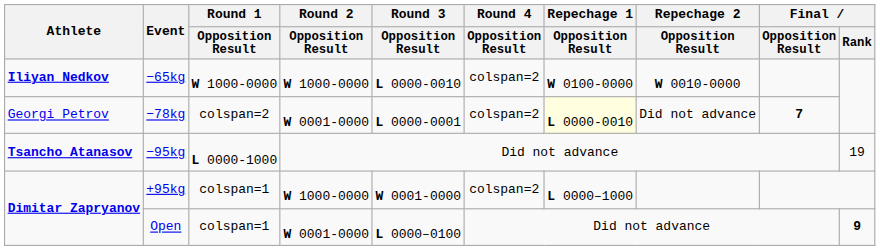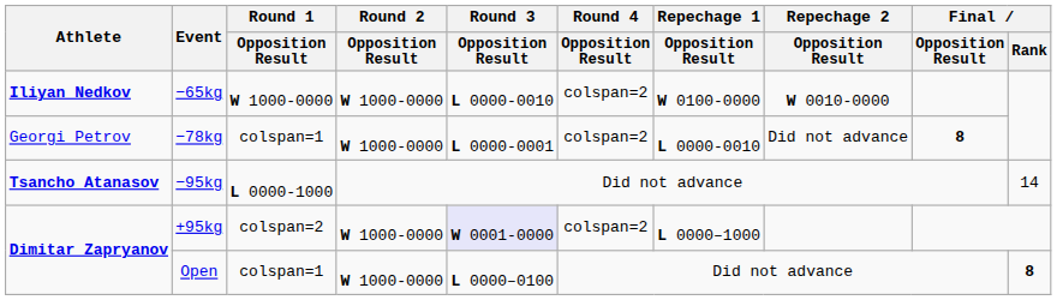 <table class="wikitable" style="font-size:90%">
 <tr>
 <th rowspan="2">Athlete</th>
 <th rowspan="2">Event</th>
 <th>Round 1</th>
 <th>Round 2</th>
 <th>Round 3</th>
 <th>Round 4</th>
 <th>Repechage 1</th>
 <th>Repechage 2</th>
 <th colspan=2>Final / </th>
 </tr>
 <tr style="font-size:95%">
 <th>Opposition<br>Result</th>
 <th>Opposition<br>Result</th>
 <th>Opposition<br>Result</th>
 <th>Opposition<br>Result</th>
 <th>Opposition<br>Result</th>
 <th>Opposition<br>Result</th>
 <th>Opposition<br>Result</th>
 <th>Rank</th>
 </tr>
 <tr align=center>
 <td align=left><strong><a href='#'>Iliyan Nedkov</a></strong></td>
 <td align=left><a href='#'>−65kg</a></td>
 <td><br><strong>W</strong> 1000-0000</td>
 <td><br><strong>W</strong> 1000-0000</td>
 <td><br><strong>L</strong> 0000-0010</td>
 <td>colspan=2 </td>
 <td><br><strong>W</strong> 0100-0000</td>
 <td><br><strong>W</strong> 0010-0000</td>
 <td></td>
 </tr>
 <tr align=center>
 <td align=left><a href='#'>Georgi Petrov</a></td>
 <td align=left><a href='#'>−78kg</a></td>
-<td>colspan=2 </td>
-<td><br><strong>W</strong> 0001-0000</td>
+<td>colspan=1 </td>
+<td><br><strong>W</strong> 1000-0000</td>
 <td><br><strong>L</strong> 0000-0001</td>
 <td>colspan=2 </td>
-<td style="background: lightyellow;"><br><strong>L</strong> 0000-0010</td>
+<td><br><strong>L</strong> 0000-0010</td>
 <td colspan=1>Did not advance</td>
-<td><strong>7</strong></td>
+<td><strong>8</strong></td>
 </tr>
 <tr align=center>
 <td align=left><strong><a href='#'>Tsancho Atanasov</a></strong></td>
 <td align=left><a href='#'>−95kg</a></td>
 <td><br><strong>L</strong> 0000-1000</td>
 <td colspan=6>Did not advance</td>
-<td>19</td>
+<td>14</td>
 </tr>
 <tr align=center>
 <td align=left rowspan=2><strong><a href='#'>Dimitar Zapryanov</a></strong></td>
 <td align=left><a href='#'>+95kg</a></td>
-<td>colspan=1 </td>
+<td>colspan=2 </td>
 <td><br><strong>W</strong> 1000-0000</td>
-<td><br><strong>W</strong> 0001-0000</td>
+<td style="background: lavender;"><br><strong>W</strong> 0001-0000</td>
 <td>colspan=2 </td>
 <td><br><strong>L</strong> 0000–1000</td>
 <td></td>
 </tr>
 <tr align=center>
 <td><a href='#'>Open</a></td>
 <td>colspan=1 </td>
-<td><br><strong>W</strong> 0001-0000</td>
+<td><br><strong>W</strong> 1000-0000</td>
 <td><br><strong>L</strong> 0000–0100</td>
 <td colspan=4>Did not advance</td>
-<td><strong>9</strong></td>
+<td><strong>8</strong></td>
 </tr>
 </table>
